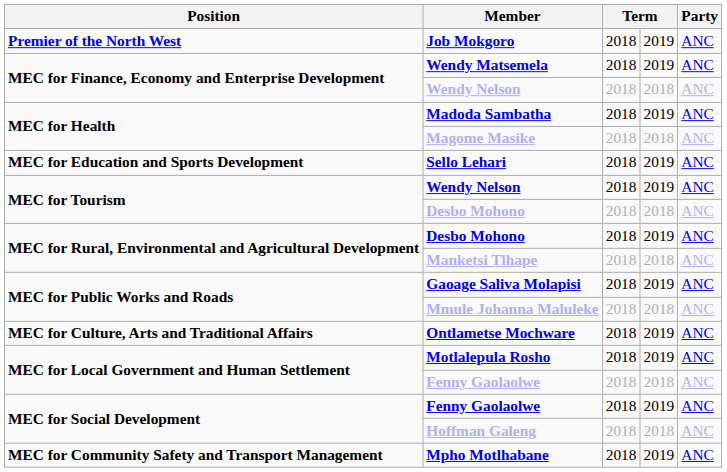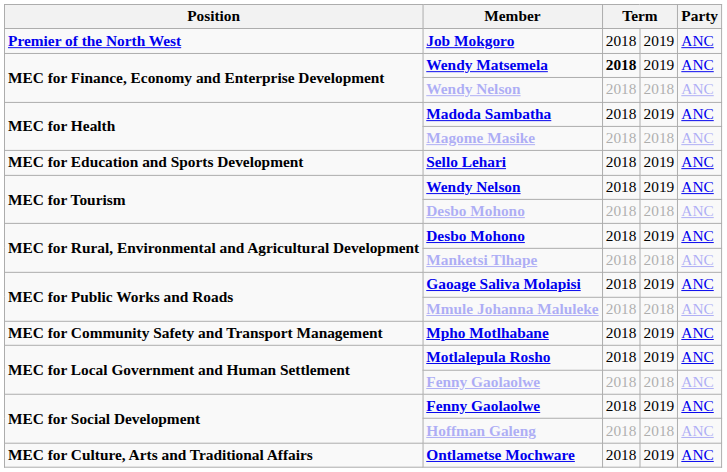 <table class="wikitable">
 <tr>
 <th>Position</th>
 <th>Member</th>
 <th colspan="2">Term</th>
 <th>Party</th>
 </tr>
 <tr>
 <td><strong><a href='#'>Premier of the North West</a></strong></td>
 <td><strong><a href='#'>Job Mokgoro</a></strong></td>
 <td>2018</td>
 <td>2019</td>
 <td><a href='#'>ANC</a></td>
 </tr>
 <tr>
 <td rowspan="2"><strong>MEC for Finance, Economy and Enterprise Development</strong></td>
 <td><strong><a href='#'>Wendy Matsemela</a></strong></td>
-<td>2018</td>
+<td><strong>2018</strong></td>
 <td>2019</td>
 <td><a href='#'>ANC</a></td>
 </tr>
 <tr style="opacity:.3;">
 <td><a href='#'><strong>Wendy Nelson</strong></a></td>
 <td>2018</td>
 <td>2018</td>
 <td><a href='#'>ANC</a></td>
 </tr>
 <tr>
 <td rowspan="2"><strong>MEC for Health</strong></td>
 <td><strong><a href='#'>Madoda Sambatha</a></strong></td>
 <td>2018</td>
 <td>2019</td>
 <td><a href='#'>ANC</a></td>
 </tr>
 <tr style="opacity:.3;">
 <td><strong><a href='#'>Magome Masike</a></strong></td>
 <td>2018</td>
 <td>2018</td>
 <td><a href='#'>ANC</a></td>
 </tr>
 <tr>
 <td><strong>MEC for Education and Sports Development</strong></td>
 <td><strong><a href='#'>Sello Lehari</a></strong></td>
 <td>2018</td>
 <td>2019</td>
 <td><a href='#'>ANC</a></td>
 </tr>
 <tr>
 <td rowspan="2"><strong>MEC for Tourism</strong></td>
 <td><a href='#'><strong>Wendy Nelson</strong></a></td>
 <td>2018</td>
 <td>2019</td>
 <td><a href='#'>ANC</a></td>
 </tr>
 <tr style="opacity:.3;">
 <td><strong><a href='#'>Desbo Mohono</a></strong></td>
 <td>2018</td>
 <td>2018</td>
 <td><a href='#'>ANC</a></td>
 </tr>
 <tr>
 <td rowspan="2"><strong>MEC for Rural, Environmental and Agricultural Development</strong></td>
 <td><strong><a href='#'>Desbo Mohono</a></strong></td>
 <td>2018</td>
 <td>2019</td>
 <td><a href='#'>ANC</a></td>
 </tr>
 <tr style="opacity:.3;">
 <td><strong><a href='#'>Manketsi Tlhape</a></strong></td>
 <td>2018</td>
 <td>2018</td>
 <td><a href='#'>ANC</a></td>
 </tr>
 <tr>
 <td rowspan="2"><strong>MEC for Public Works and Roads</strong></td>
 <td><strong><a href='#'>Gaoage Saliva Molapisi</a></strong></td>
 <td>2018</td>
 <td>2019</td>
 <td><a href='#'>ANC</a></td>
 </tr>
 <tr style="opacity:.3;">
 <td><strong><a href='#'>Mmule Johanna Maluleke</a></strong></td>
 <td>2018</td>
 <td>2018</td>
 <td><a href='#'>ANC</a></td>
 </tr>
 <tr>
-<td><strong>MEC for Culture, Arts and Traditional Affairs</strong></td>
-<td><strong><a href='#'>Ontlametse Mochware</a></strong></td>
+<td><strong>MEC for Community Safety and Transport Management</strong></td>
+<td><strong><a href='#'>Mpho Motlhabane</a></strong></td>
 <td>2018</td>
 <td>2019</td>
 <td><a href='#'>ANC</a></td>
 </tr>
 <tr>
 <td rowspan="2"><strong>MEC for Local Government and Human Settlement</strong></td>
 <td><strong><a href='#'>Motlalepula Rosho</a></strong></td>
 <td>2018</td>
 <td>2019</td>
 <td><a href='#'>ANC</a></td>
 </tr>
 <tr style="opacity:.3;">
 <td><strong><a href='#'>Fenny Gaolaolwe</a></strong></td>
 <td>2018</td>
 <td>2018</td>
 <td><a href='#'>ANC</a></td>
 </tr>
 <tr>
 <td rowspan="2"><strong>MEC for Social Development</strong></td>
 <td><strong><a href='#'>Fenny Gaolaolwe</a></strong></td>
 <td>2018</td>
 <td>2019</td>
 <td><a href='#'>ANC</a></td>
 </tr>
 <tr style="opacity:.3;">
 <td><strong><a href='#'>Hoffman Galeng</a></strong></td>
 <td>2018</td>
 <td>2018</td>
 <td><a href='#'>ANC</a></td>
 </tr>
 <tr>
-<td><strong>MEC for Community Safety and Transport Management</strong></td>
-<td><strong><a href='#'>Mpho Motlhabane</a></strong></td>
+<td><strong>MEC for Culture, Arts and Traditional Affairs</strong></td>
+<td><strong><a href='#'>Ontlametse Mochware</a></strong></td>
 <td>2018</td>
 <td>2019</td>
 <td><a href='#'>ANC</a></td>
 </tr>
 </table>
